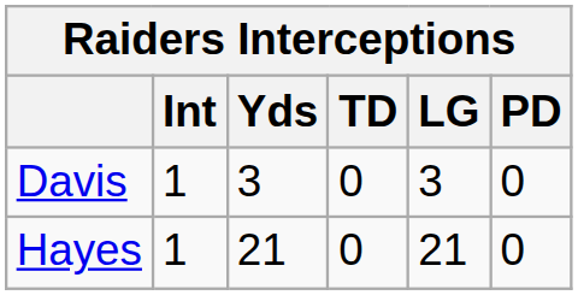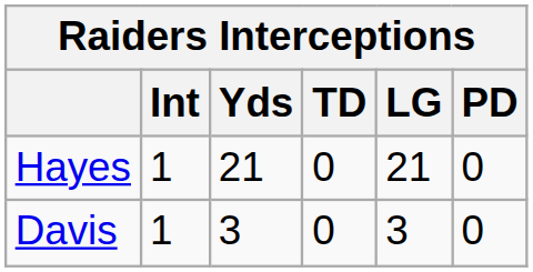 <table class="wikitable">
 <tr>
 <th colspan="6">Raiders Interceptions</th>
 </tr>
 <tr>
 <th></th>
 <th>Int</th>
 <th>Yds</th>
 <th>TD</th>
 <th>LG</th>
 <th>PD</th>
 </tr>
 <tr>
+<td><a href='#'>Hayes</a></td>
+<td>1</td>
+<td>21</td>
+<td>0</td>
+<td>21</td>
+<td>0</td>
+</tr>
+<tr>
 <td><a href='#'>Davis</a></td>
 <td>1</td>
 <td>3</td>
 <td>0</td>
 <td>3</td>
 <td>0</td>
 </tr>
-<tr>
-<td><a href='#'>Hayes</a></td>
-<td>1</td>
-<td>21</td>
-<td>0</td>
-<td>21</td>
-<td>0</td>
-</tr>
 </table>
